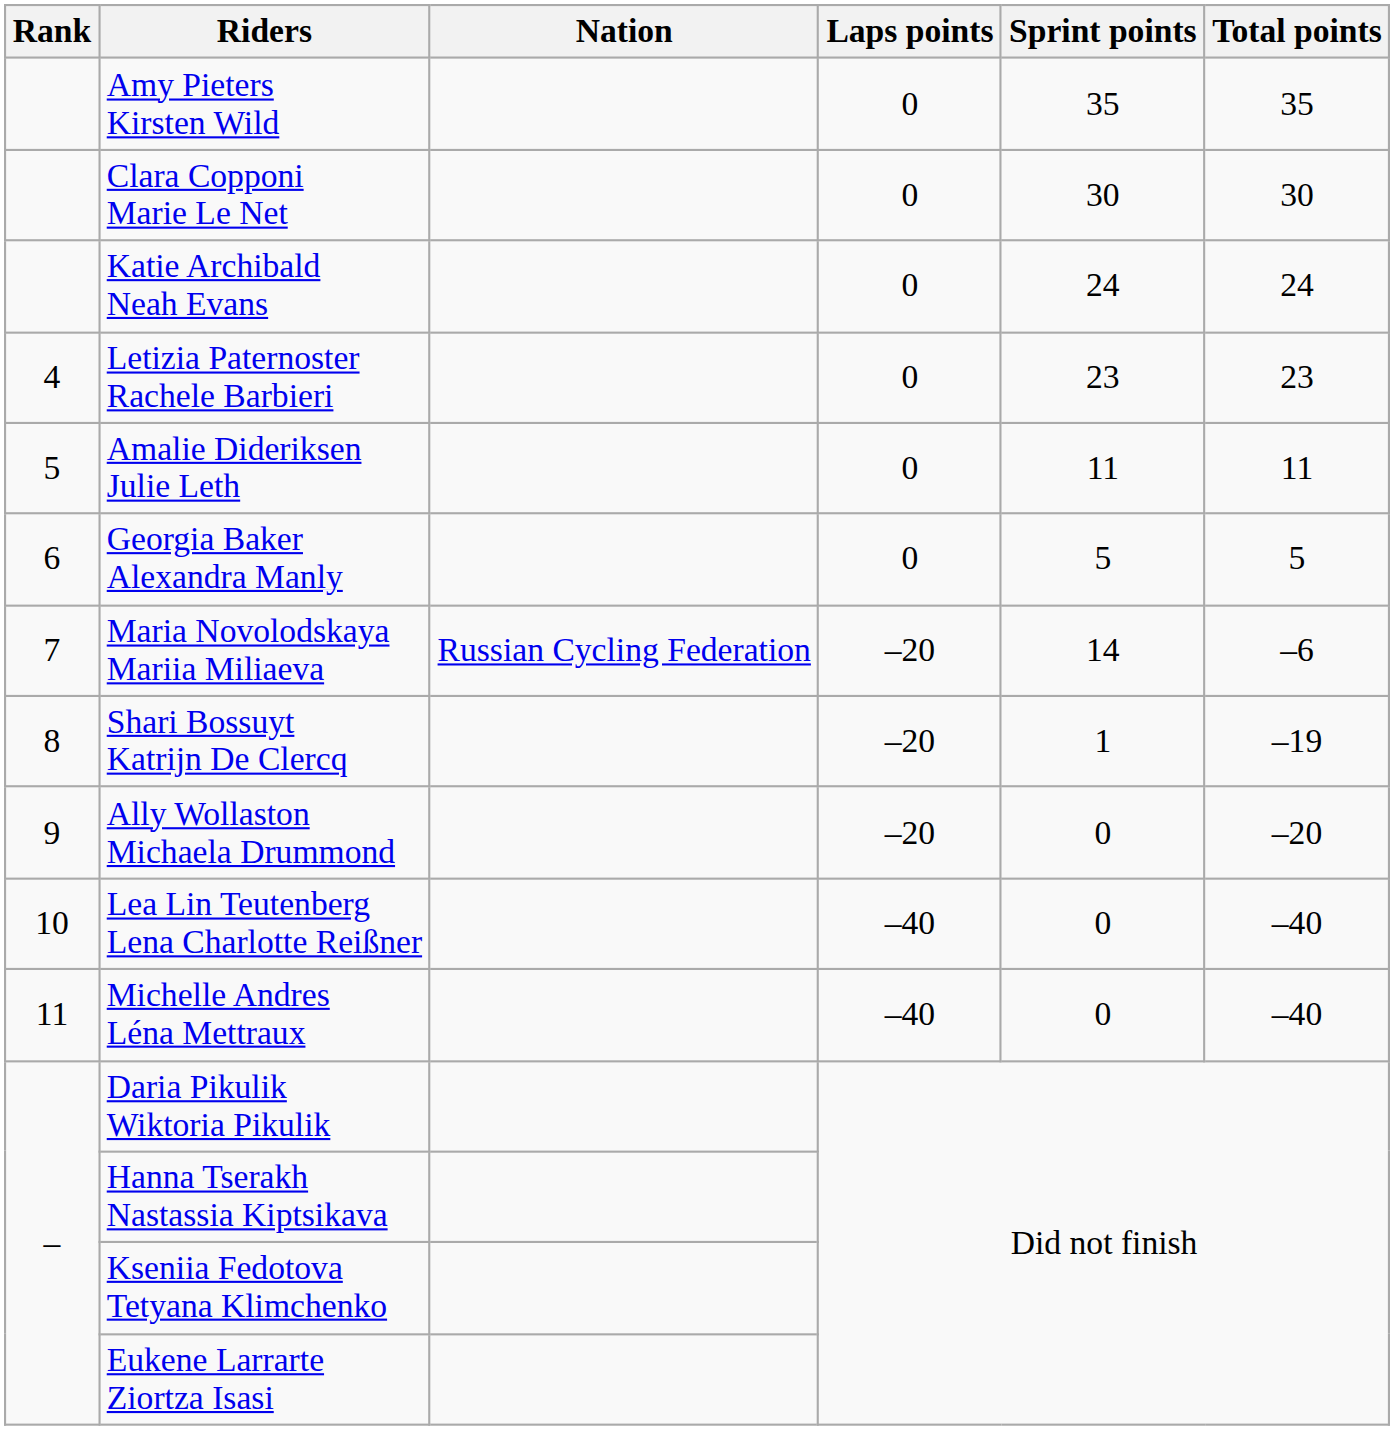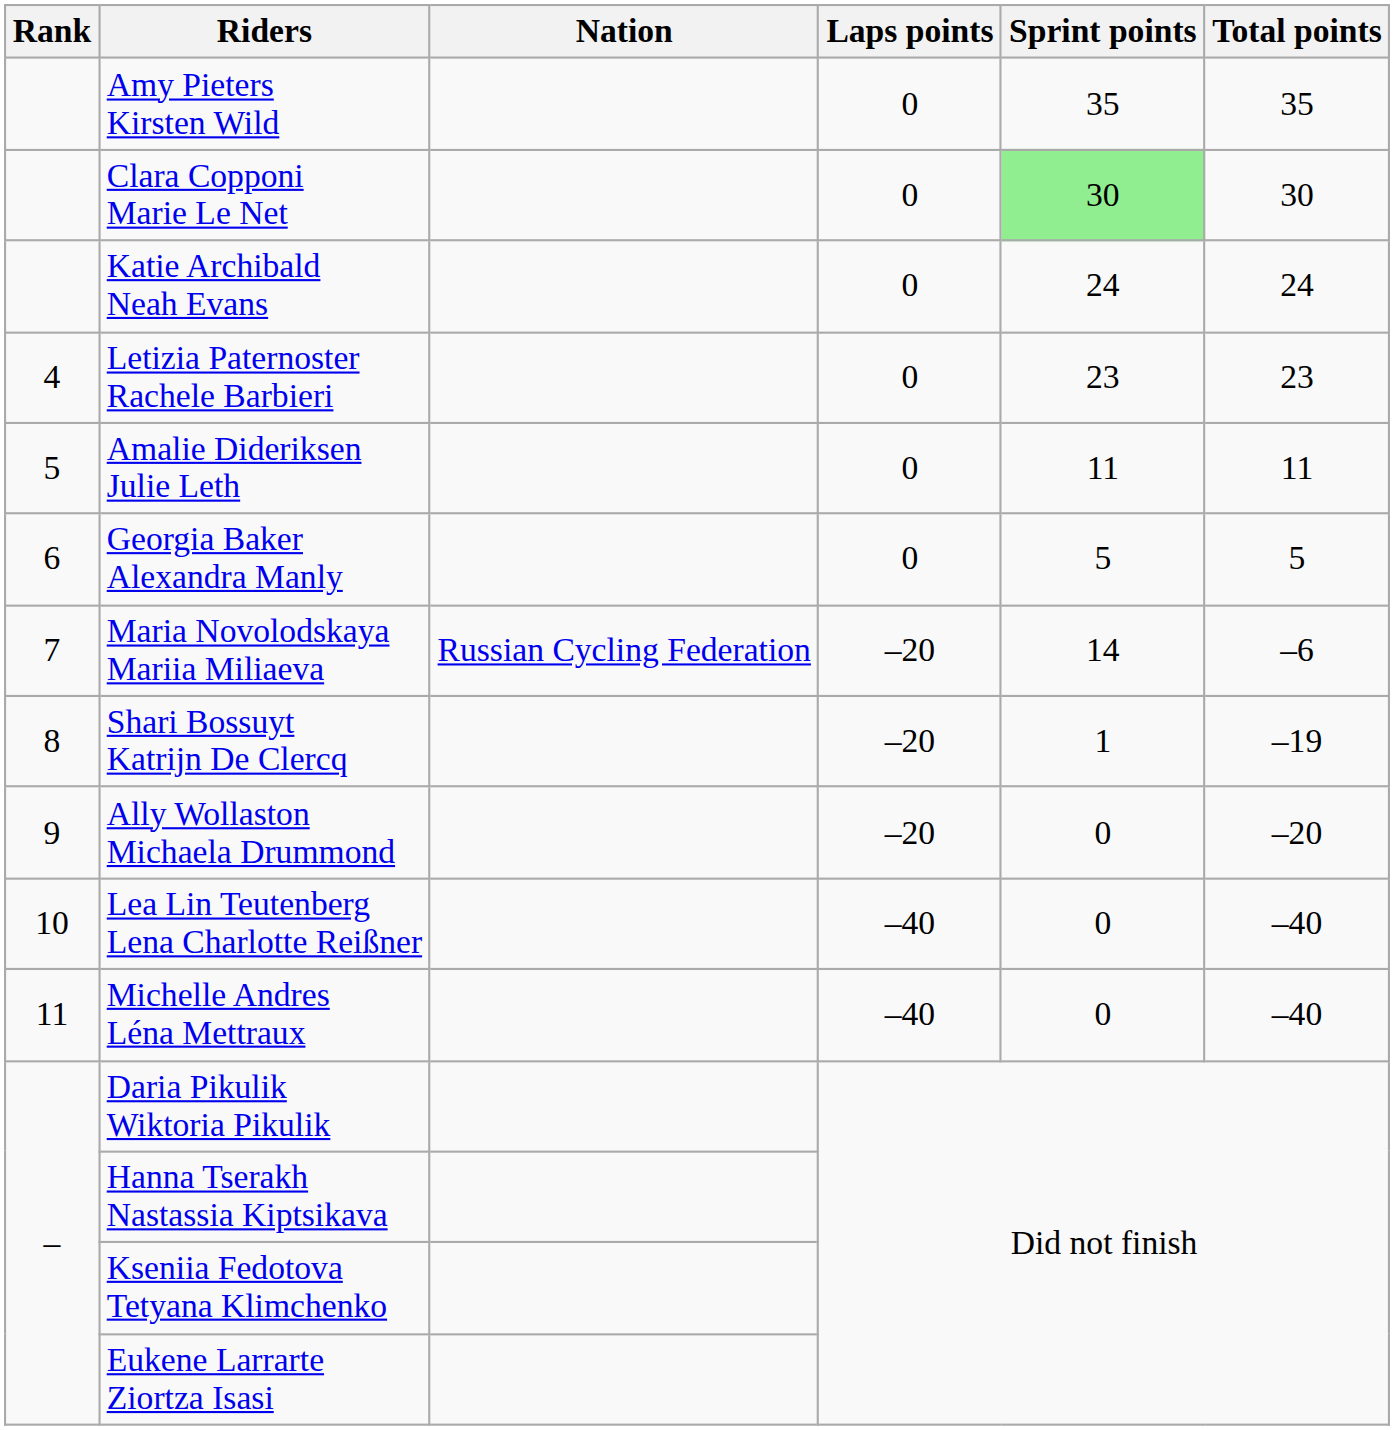 <table class="wikitable sortable" style="text-align:center">
 <tr>
 <th>Rank</th>
 <th>Riders</th>
 <th>Nation</th>
 <th>Laps points</th>
 <th>Sprint points</th>
 <th>Total points</th>
 </tr>
 <tr>
 <td></td>
 <td align=left><a href='#'>Amy Pieters</a><br><a href='#'>Kirsten Wild</a></td>
 <td align=left></td>
 <td>0</td>
 <td>35</td>
 <td>35</td>
 </tr>
 <tr>
 <td></td>
 <td align=left><a href='#'>Clara Copponi</a><br><a href='#'>Marie Le Net</a></td>
 <td align=left></td>
 <td>0</td>
-<td>30</td>
+<td style="background: lightgreen;">30</td>
 <td>30</td>
 </tr>
 <tr>
 <td></td>
 <td align=left><a href='#'>Katie Archibald</a><br><a href='#'>Neah Evans</a></td>
 <td align=left></td>
 <td>0</td>
 <td>24</td>
 <td>24</td>
 </tr>
 <tr>
 <td>4</td>
 <td align=left><a href='#'>Letizia Paternoster</a><br><a href='#'>Rachele Barbieri</a></td>
 <td align=left></td>
 <td>0</td>
 <td>23</td>
 <td>23</td>
 </tr>
 <tr>
 <td>5</td>
 <td align=left><a href='#'>Amalie Dideriksen</a><br><a href='#'>Julie Leth</a></td>
 <td align=left></td>
 <td>0</td>
 <td>11</td>
 <td>11</td>
 </tr>
 <tr>
 <td>6</td>
 <td align=left><a href='#'>Georgia Baker</a><br><a href='#'>Alexandra Manly</a></td>
 <td align=left></td>
 <td>0</td>
 <td>5</td>
 <td>5</td>
 </tr>
 <tr>
 <td>7</td>
 <td align=left><a href='#'>Maria Novolodskaya</a><br><a href='#'>Mariia Miliaeva</a></td>
 <td align=left><a href='#'>Russian Cycling Federation</a></td>
 <td>–20</td>
 <td>14</td>
 <td>–6</td>
 </tr>
 <tr>
 <td>8</td>
 <td align=left><a href='#'>Shari Bossuyt</a><br><a href='#'>Katrijn De Clercq</a></td>
 <td align=left></td>
 <td>–20</td>
 <td>1</td>
 <td>–19</td>
 </tr>
 <tr>
 <td>9</td>
 <td align=left><a href='#'>Ally Wollaston</a><br><a href='#'>Michaela Drummond</a></td>
 <td align=left></td>
 <td>–20</td>
 <td>0</td>
 <td>–20</td>
 </tr>
 <tr>
 <td>10</td>
 <td align=left><a href='#'>Lea Lin Teutenberg</a><br><a href='#'>Lena Charlotte Reißner</a></td>
 <td align=left></td>
 <td>–40</td>
 <td>0</td>
 <td>–40</td>
 </tr>
 <tr>
 <td>11</td>
 <td align=left><a href='#'>Michelle Andres</a><br><a href='#'>Léna Mettraux</a></td>
 <td align=left></td>
 <td>–40</td>
 <td>0</td>
 <td>–40</td>
 </tr>
 <tr>
 <td rowspan=4>–</td>
 <td align=left><a href='#'>Daria Pikulik</a><br><a href='#'>Wiktoria Pikulik</a></td>
 <td align=left></td>
 <td rowspan=4 colspan=3>Did not finish</td>
 </tr>
 <tr>
 <td align=left><a href='#'>Hanna Tserakh</a><br><a href='#'>Nastassia Kiptsikava</a></td>
 <td align=left></td>
 </tr>
 <tr>
 <td align=left><a href='#'>Kseniia Fedotova</a><br><a href='#'>Tetyana Klimchenko</a></td>
 <td align=left></td>
 </tr>
 <tr>
 <td align=left><a href='#'>Eukene Larrarte</a><br><a href='#'>Ziortza Isasi</a></td>
 <td align=left></td>
 </tr>
 </table>
